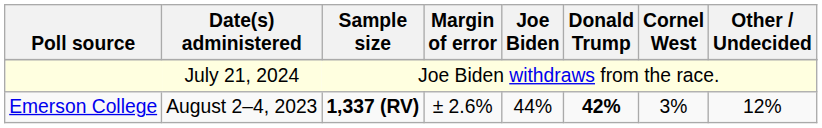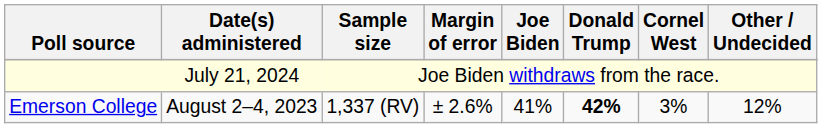 <table class="wikitable sortable mw-datatable" style="font-size:90%;text-align:center;line-height:17px">
 <tr valign=bottom>
 <th>Poll source</th>
 <th>Date(s)<br>administered</th>
 <th>Sample<br>size</th>
 <th>Margin<br>of error</th>
 <th class="unsortable">Joe<br>Biden<br></th>
 <th class="unsortable">Donald<br>Trump<br></th>
 <th class="unsortable">Cornel<br>West<br></th>
 <th class="unsortable">Other /<br>Undecided</th>
 </tr>
 <tr>
 </tr>
 <tr style="background:lightyellow;">
 <td style="border-right-style:hidden;"></td>
 <td style="border-right-style:hidden; " data-sort-value="2024-07-21">July 21, 2024</td>
 <td colspan="6">Joe Biden <a href='#'>withdraws</a> from the race.</td>
 </tr>
 <tr>
 <td style="text-align:left;"><a href='#'>Emerson College</a></td>
 <td data-sort-value="2023-08-08">August 2–4, 2023</td>
-<td><strong>1,337 (RV)</strong></td>
+<td>1,337 (RV)</td>
 <td>± 2.6%</td>
-<td>44%</td>
+<td>41%</td>
 <td style="background-color:"><strong>42%</strong></td>
 <td>3%</td>
 <td>12%</td>
 </tr>
 </table>
